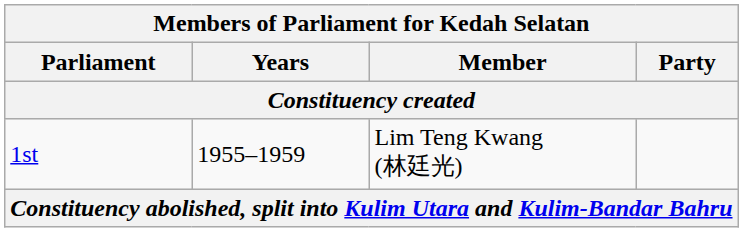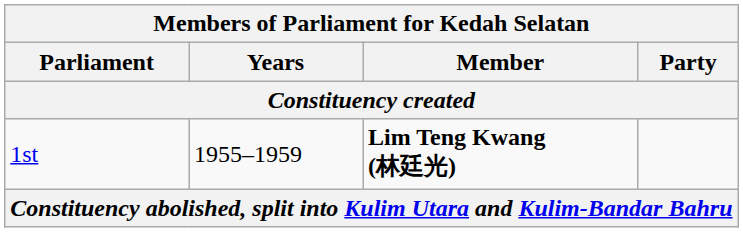 <table class="wikitable">
 <tr>
 <th colspan="4">Members of Parliament for Kedah Selatan</th>
 </tr>
 <tr>
 <th>Parliament</th>
 <th>Years</th>
 <th>Member</th>
 <th>Party</th>
 </tr>
 <tr>
 <th colspan="4"><em>Constituency created</em></th>
 </tr>
 <tr>
 <td><a href='#'>1st</a></td>
 <td>1955–1959</td>
-<td>Lim Teng Kwang  <br> (林廷光)</td>
+<td><strong>Lim Teng Kwang  <br> (林廷光)</strong></td>
 <td></td>
 </tr>
 <tr>
 <th colspan="4"><em>Constituency abolished, split into <a href='#'>Kulim Utara</a> and <a href='#'>Kulim-Bandar Bahru</a></em></th>
 </tr>
 </table>
